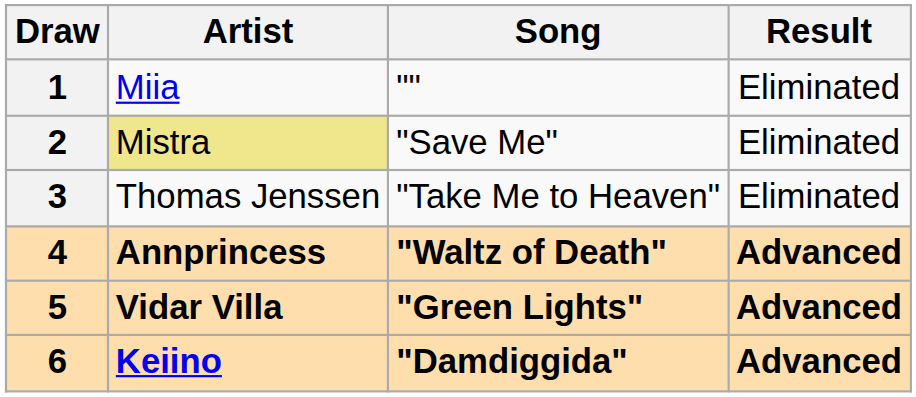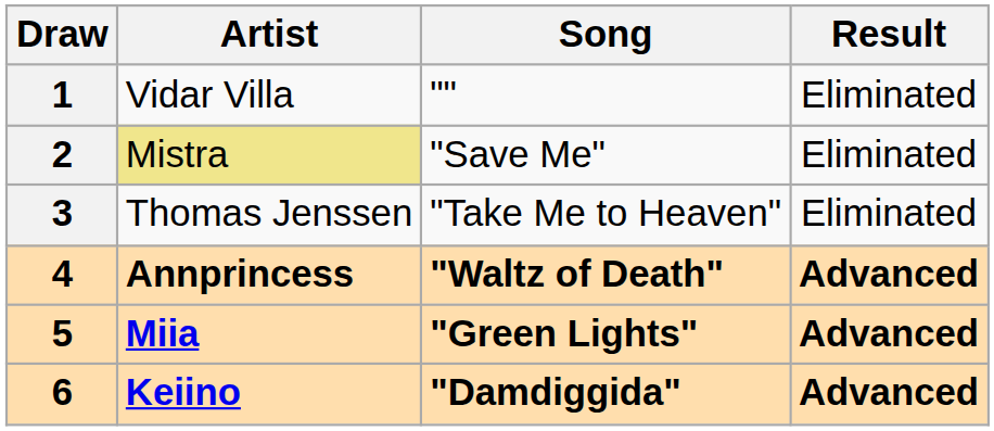 <table class="sortable wikitable plainrowheaders" style="margin: 1em auto 1em auto; text-align:center">
 <tr>
 <th scope="col">Draw</th>
 <th scope="col">Artist</th>
 <th scope="col">Song</th>
 <th scope="col">Result</th>
 </tr>
 <tr>
 <th scope="row" style="text-align:center;">1</th>
-<td style="text-align:left"><a href='#'>Miia</a></td>
+<td style="text-align:left">Vidar Villa</td>
 <td style="text-align:left">""</td>
 <td>Eliminated</td>
 </tr>
 <tr>
 <th scope="row" style="text-align:center;">2</th>
 <td style="background: khaki; text-align:left">Mistra</td>
 <td style="text-align:left">"Save Me"</td>
 <td>Eliminated</td>
 </tr>
 <tr>
 <th scope="row" style="text-align:center;">3</th>
 <td style="text-align:left">Thomas Jenssen</td>
 <td style="text-align:left">"Take Me to Heaven"</td>
 <td>Eliminated</td>
 </tr>
 <tr style="font-weight:bold; background:navajowhite;">
 <th scope="row" style="text-align:center; font-weight:bold; background:navajowhite;">4</th>
 <td style="text-align:left">Annprincess</td>
 <td style="text-align:left">"Waltz of Death"</td>
 <td>Advanced</td>
 </tr>
 <tr style="font-weight:bold; background:navajowhite;">
 <th scope="row" style="text-align:center; font-weight:bold; background:navajowhite;">5</th>
-<td style="text-align:left">Vidar Villa</td>
+<td style="text-align:left"><a href='#'>Miia</a></td>
 <td style="text-align:left">"Green Lights"</td>
 <td>Advanced</td>
 </tr>
 <tr style="font-weight:bold; background:navajowhite;">
 <th scope="row" style="text-align:center; font-weight:bold; background:navajowhite;">6</th>
 <td style="text-align:left"><a href='#'>Keiino</a></td>
 <td style="text-align:left">"Damdiggida"</td>
 <td>Advanced</td>
 </tr>
 </table>
